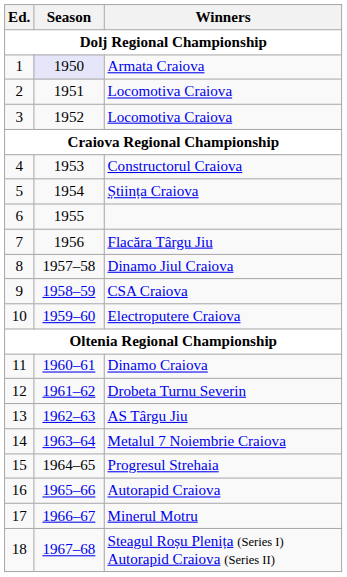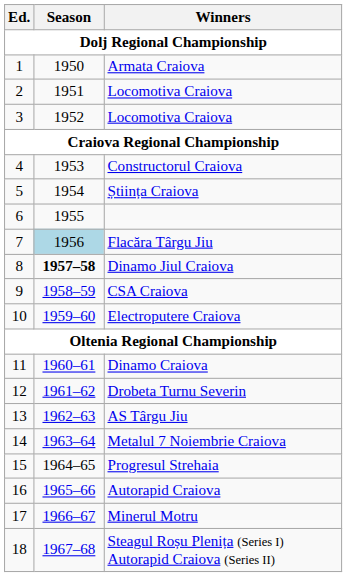 <table class="wikitable" style="font-size:90%">
 <tr>
 <th><abbr>Ed.</abbr></th>
 <th width="60">Season</th>
 <th width="220">Winners</th>
 </tr>
 <tr>
 <th colspan="3" style="background:#ffffff">Dolj Regional Championship</th>
 </tr>
 <tr>
 <td align=center>1</td>
-<td align=center style="background: lavender;">1950</td>
+<td align=center>1950</td>
 <td><a href='#'>Armata Craiova</a></td>
 </tr>
 <tr>
 <td align=center>2</td>
 <td align=center>1951</td>
 <td><a href='#'>Locomotiva Craiova</a></td>
 </tr>
 <tr>
 <td align=center>3</td>
 <td align=center>1952</td>
 <td><a href='#'>Locomotiva Craiova</a></td>
 </tr>
 <tr>
 <th colspan="3" style="background:#ffffff">Craiova Regional Championship</th>
 </tr>
 <tr>
 <td align=center>4</td>
 <td align=center>1953</td>
 <td><a href='#'>Constructorul Craiova</a></td>
 </tr>
 <tr>
 <td align=center>5</td>
 <td align=center>1954</td>
 <td><a href='#'>Știința Craiova</a></td>
 </tr>
 <tr>
 <td align=center>6</td>
 <td align=center>1955</td>
 <td></td>
 </tr>
 <tr>
 <td align=center>7</td>
-<td align=center>1956</td>
+<td align=center style="background: lightblue;">1956</td>
 <td><a href='#'>Flacăra Târgu Jiu</a></td>
 </tr>
 <tr>
 <td align=center>8</td>
-<td align=center>1957–58</td>
+<td align=center><strong>1957–58</strong></td>
 <td><a href='#'>Dinamo Jiul Craiova</a></td>
 </tr>
 <tr>
 <td align=center>9</td>
 <td align=center><a href='#'>1958–59</a></td>
 <td><a href='#'>CSA Craiova</a></td>
 </tr>
 <tr>
 <td align=center>10</td>
 <td align=center><a href='#'>1959–60</a></td>
 <td><a href='#'>Electroputere Craiova</a></td>
 </tr>
 <tr>
 <th colspan="3" style="background:#ffffff">Oltenia Regional Championship</th>
 </tr>
 <tr>
 <td align=center>11</td>
 <td align=center><a href='#'>1960–61</a></td>
 <td><a href='#'>Dinamo Craiova</a></td>
 </tr>
 <tr>
 <td align=center>12</td>
 <td align=center><a href='#'>1961–62</a></td>
 <td><a href='#'>Drobeta Turnu Severin</a></td>
 </tr>
 <tr>
 <td align=center>13</td>
 <td align=center><a href='#'>1962–63</a></td>
 <td><a href='#'>AS Târgu Jiu</a></td>
 </tr>
 <tr>
 <td align=center>14</td>
 <td align=center><a href='#'>1963–64</a></td>
 <td><a href='#'>Metalul 7 Noiembrie Craiova</a></td>
 </tr>
 <tr>
 <td align=center>15</td>
 <td align=center>1964–65</td>
 <td><a href='#'>Progresul Strehaia</a></td>
 </tr>
 <tr>
 <td align=center>16</td>
 <td align=center><a href='#'>1965–66</a></td>
 <td><a href='#'>Autorapid Craiova</a></td>
 </tr>
 <tr>
 <td align=center>17</td>
 <td align=center><a href='#'>1966–67</a></td>
 <td><a href='#'>Minerul Motru</a></td>
 </tr>
 <tr>
 <td align=center>18</td>
 <td align=center><a href='#'>1967–68</a></td>
 <td><a href='#'>Steagul Roșu Plenița</a> <small>(Series I)</small><br> <a href='#'>Autorapid Craiova</a> <small>(Series II)</small></td>
 </tr>
 </table>
